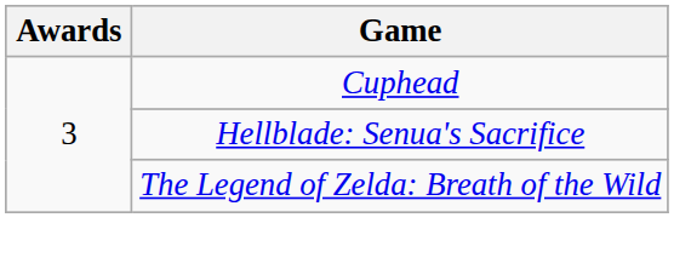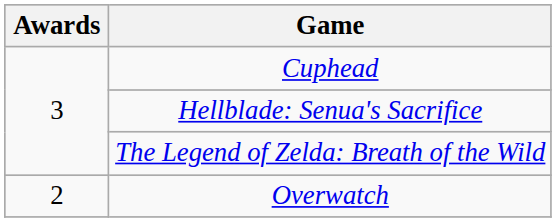 <table class="wikitable" rowspan="2" style="text-align:center;">
 <tr>
 <th style="width:55px;">Awards</th>
 <th style="text-align:center;">Game</th>
 </tr>
 <tr>
 <td rowspan=3 style="text-align:center;">3</td>
 <td><em><a href='#'>Cuphead</a></em></td>
 </tr>
 <tr>
 <td><em><a href='#'>Hellblade: Senua's Sacrifice</a></em></td>
 </tr>
 <tr>
 <td><em><a href='#'>The Legend of Zelda: Breath of the Wild</a></em></td>
 </tr>
+<tr>
+<td style="text-align:center">2</td>
+<td><em><a href='#'>Overwatch</a></em></td>
+</tr>
 </table>
